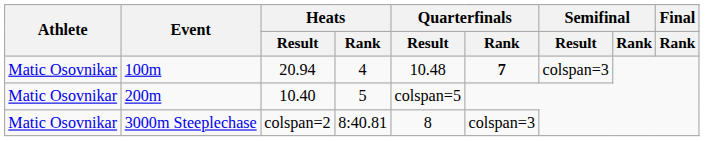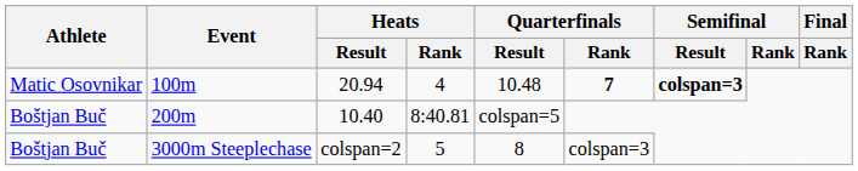 <table class="wikitable" style="font-size:90%">
 <tr>
 <th rowspan="2">Athlete</th>
 <th rowspan="2">Event</th>
 <th colspan="2">Heats</th>
 <th colspan="2">Quarterfinals</th>
 <th colspan="2">Semifinal</th>
 <th colspan="2">Final</th>
 </tr>
 <tr style="font-size:95%">
 <th>Result</th>
 <th>Rank</th>
 <th>Result</th>
 <th>Rank</th>
 <th>Result</th>
 <th>Rank</th>
 <th>Rank</th>
 </tr>
 <tr style=text-align:center>
 <td style=text-align:left><a href='#'>Matic Osovnikar</a></td>
 <td style=text-align:left><a href='#'>100m</a></td>
 <td>20.94</td>
 <td>4</td>
 <td>10.48</td>
 <td><strong>7</strong></td>
-<td>colspan=3 </td>
+<td><strong>colspan=3 </strong></td>
 </tr>
 <tr style=text-align:center>
-<td style=text-align:left><a href='#'>Matic Osovnikar</a></td>
+<td style=text-align:left><a href='#'>Boštjan Buč</a></td>
 <td style=text-align:left><a href='#'>200m</a></td>
 <td>10.40</td>
-<td>5</td>
+<td>8:40.81</td>
 <td>colspan=5 </td>
 </tr>
 <tr style=text-align:center>
-<td style=text-align:left><a href='#'>Matic Osovnikar</a></td>
+<td style=text-align:left><a href='#'>Boštjan Buč</a></td>
 <td style=text-align:left><a href='#'>3000m Steeplechase</a></td>
 <td>colspan=2 </td>
-<td>8:40.81</td>
+<td>5</td>
 <td>8</td>
 <td>colspan=3 </td>
 </tr>
 </table>
